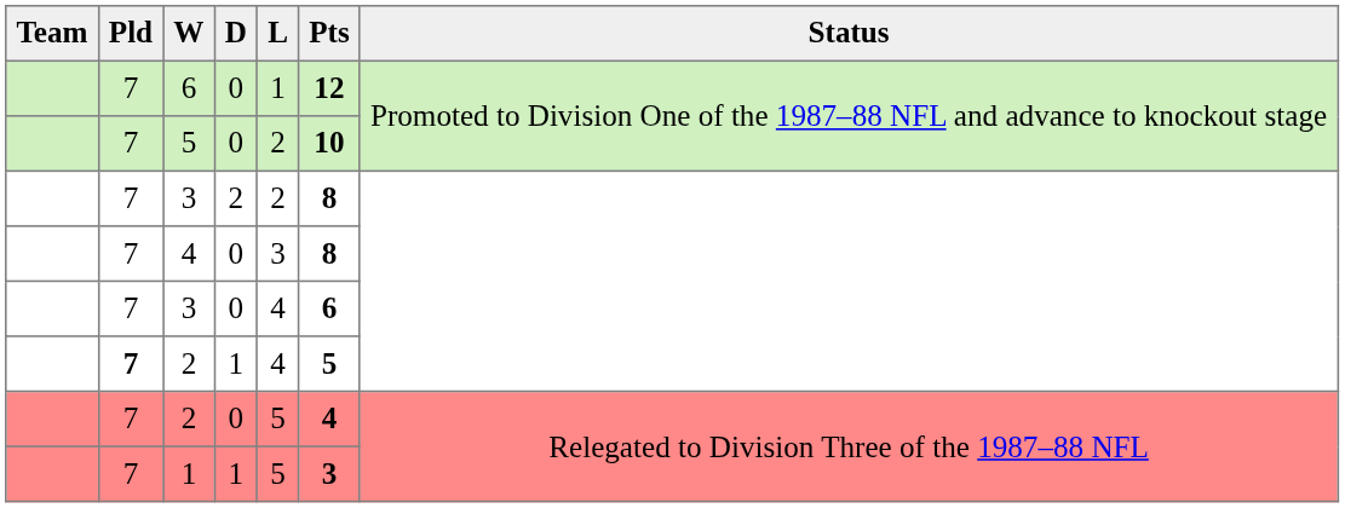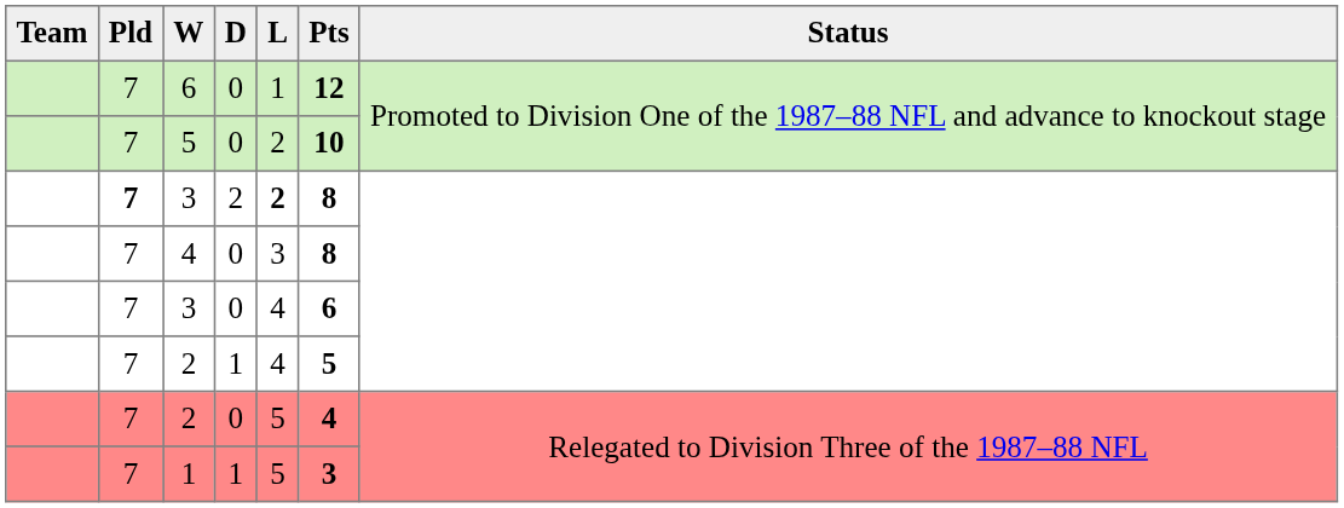 <table style=border-collapse:collapse border=1 cellspacing=0 cellpadding=5>
 <tr align=center bgcolor=#efefef>
 <th>Team</th>
 <th>Pld</th>
 <th>W</th>
 <th>D</th>
 <th>L</th>
 <th>Pts</th>
 <th>Status</th>
 </tr>
 <tr align=center style="background:#D0F0C0;">
 <td style="text-align:left;"> </td>
 <td>7</td>
 <td>6</td>
 <td>0</td>
 <td>1</td>
 <td><strong>12</strong></td>
 <td rowspan=2>Promoted to Division One of the <a href='#'>1987–88 NFL</a> and advance to knockout stage</td>
 </tr>
 <tr align=center style="background:#D0F0C0;">
 <td style="text-align:left;"> </td>
 <td>7</td>
 <td>5</td>
 <td>0</td>
 <td>2</td>
 <td><strong>10</strong></td>
 </tr>
 <tr align=center style="background:#FFFFFF;">
 <td style="text-align:left;"> </td>
-<td>7</td>
+<td><strong>7</strong></td>
 <td>3</td>
 <td>2</td>
-<td>2</td>
+<td><strong>2</strong></td>
 <td><strong>8</strong></td>
 <td rowspan=4></td>
 </tr>
 <tr align=center style="background:#FFFFFF;">
 <td style="text-align:left;"> </td>
 <td>7</td>
 <td>4</td>
 <td>0</td>
 <td>3</td>
 <td><strong>8</strong></td>
 </tr>
 <tr align=center style="background:#FFFFFF;">
 <td style="text-align:left;"> </td>
 <td>7</td>
 <td>3</td>
 <td>0</td>
 <td>4</td>
 <td><strong>6</strong></td>
 </tr>
 <tr align=center style="background:#FFFFFF;">
 <td style="text-align:left;"> </td>
-<td><strong>7</strong></td>
+<td>7</td>
 <td>2</td>
 <td>1</td>
 <td>4</td>
 <td><strong>5</strong></td>
 </tr>
 <tr align=center style="background:#FF8888;">
 <td style="text-align:left;"> </td>
 <td>7</td>
 <td>2</td>
 <td>0</td>
 <td>5</td>
 <td><strong>4</strong></td>
 <td rowspan=2>Relegated to Division Three of the <a href='#'>1987–88 NFL</a></td>
 </tr>
 <tr align=center style="background:#FF8888;">
 <td style="text-align:left;"> </td>
 <td>7</td>
 <td>1</td>
 <td>1</td>
 <td>5</td>
 <td><strong>3</strong></td>
 </tr>
 </table>
